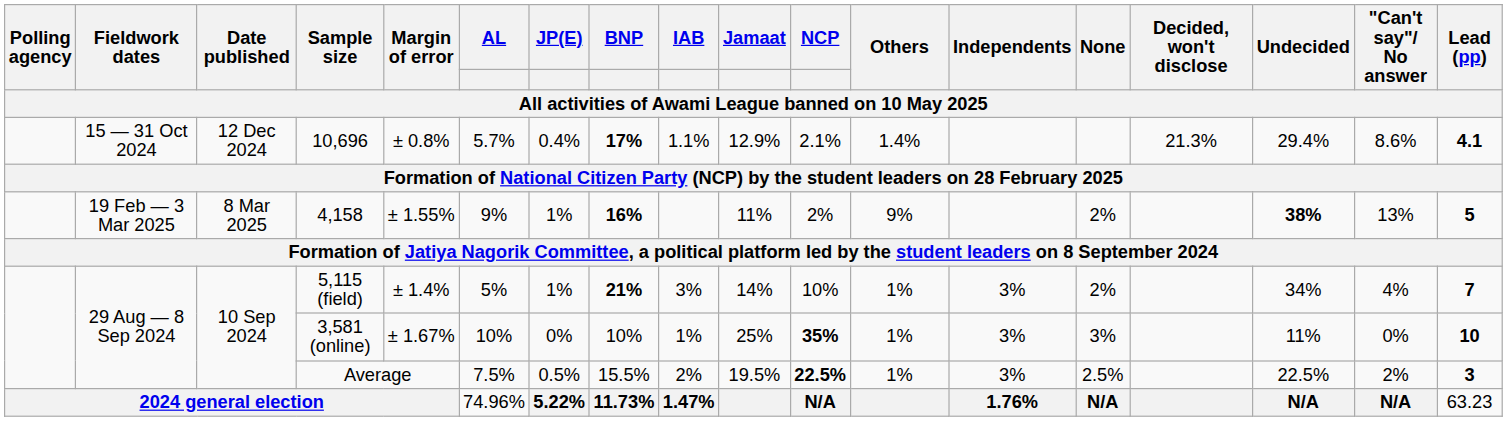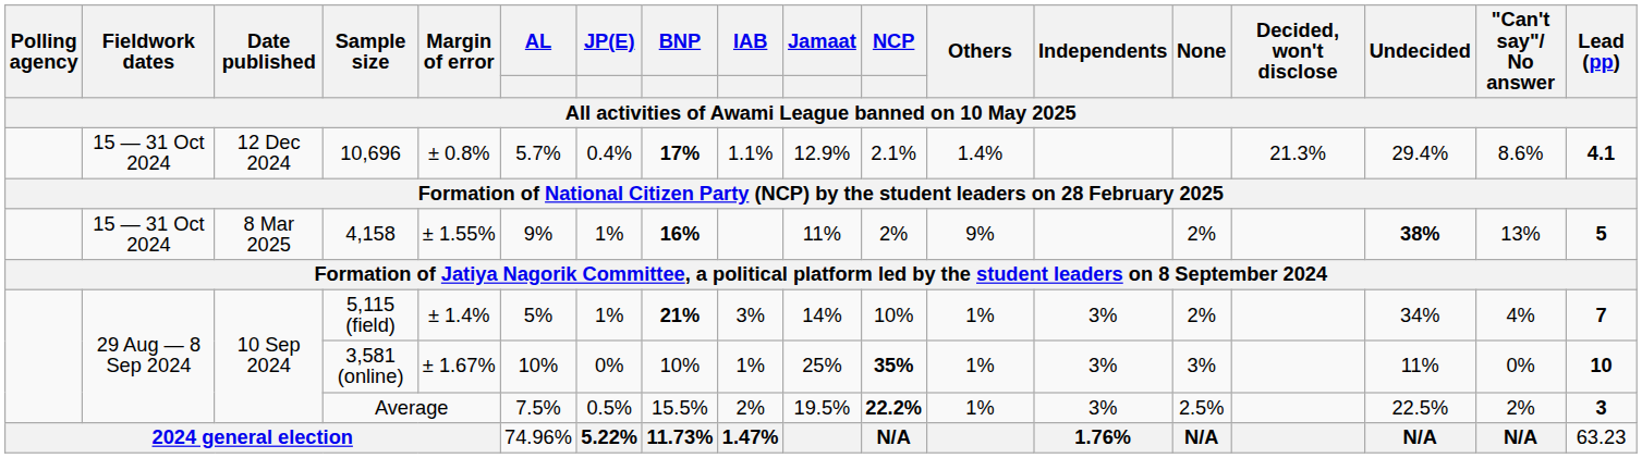 <table class="wikitable mw-datatable" style="text-align:center;font-size:95%;line-height:16px;">
 <tr>
 <th rowspan="2">Polling<br>agency</th>
 <th rowspan="2">Fieldwork<br>dates</th>
 <th rowspan="2">Date<br>published</th>
 <th rowspan="2">Sample<br>size</th>
 <th rowspan="2">Margin<br>of error</th>
 <th><a href='#'>AL</a></th>
 <th><a href='#'>JP(E)</a></th>
 <th><a href='#'>BNP</a></th>
 <th><a href='#'>IAB</a></th>
 <th><a href='#'>Jamaat</a></th>
 <th><a href='#'>NCP</a></th>
 <th rowspan="2" class="unsortable" style="width:75px;">Others</th>
 <th rowspan="2" class="unsortable" style="width:75px;">Independents</th>
 <th rowspan="2" data-sort-type="number">None</th>
 <th rowspan="2">Decided, won't disclose</th>
 <th rowspan="2" data-sort-type="number">Undecided</th>
 <th rowspan="2">"Can't say"/<br>No answer</th>
 <th rowspan="2" data-sort-type="number">Lead (<a href='#'>pp</a>)</th>
 </tr>
 <tr>
 <th data-sort-type="number" style="background:"></th>
 <th data-sort-type="number" style="background:"></th>
 <th data-sort-type="number" style="background:"></th>
 <th data-sort-type+"number" style="background:"></th>
 <th data-sort-type="number" style="background:"></th>
 <th style="background:"></th>
 </tr>
 <tr>
 <th colspan="18">All activities of Awami League banned on 10 May 2025</th>
 </tr>
 <tr>
 <td></td>
 <td>15 — 31 Oct 2024</td>
 <td>12 Dec 2024</td>
 <td>10,696</td>
 <td>± 0.8%</td>
 <td>5.7%</td>
 <td>0.4%</td>
 <td><strong>17%</strong></td>
 <td>1.1%</td>
 <td>12.9%</td>
 <td>2.1%</td>
 <td>1.4%</td>
 <td></td>
 <td></td>
 <td>21.3%</td>
 <td>29.4%</td>
 <td>8.6%</td>
 <td><strong>4.1</strong></td>
 </tr>
 <tr>
 <th colspan="18">Formation of <a href='#'>National Citizen Party</a> (NCP) by the student leaders on 28 February 2025</th>
 </tr>
 <tr>
 <td></td>
-<td>19 Feb — 3 Mar 2025</td>
+<td>15 — 31 Oct 2024</td>
 <td>8 Mar 2025</td>
 <td>4,158</td>
 <td>± 1.55%</td>
 <td>9%</td>
 <td>1%</td>
 <td><strong>16%</strong></td>
 <td></td>
 <td>11%</td>
 <td>2%</td>
 <td>9%</td>
 <td></td>
 <td>2%</td>
 <td></td>
 <td><strong>38%</strong></td>
 <td>13%</td>
 <td><strong>5</strong></td>
 </tr>
 <tr>
 <th colspan="18">Formation of <a href='#'>Jatiya Nagorik Committee</a>, a political platform led by the <a href='#'>student leaders</a> on 8 September 2024</th>
 </tr>
 <tr>
 <td rowspan="3"></td>
 <td rowspan="3">29 Aug — 8 Sep 2024</td>
 <td rowspan="3">10 Sep 2024</td>
 <td>5,115 (field)</td>
 <td>± 1.4%</td>
 <td>5%</td>
 <td>1%</td>
 <td><strong>21%</strong></td>
 <td>3%</td>
 <td>14%</td>
 <td>10%</td>
 <td>1%</td>
 <td>3%</td>
 <td>2%</td>
 <td></td>
 <td>34%</td>
 <td>4%</td>
 <td><strong>7</strong></td>
 </tr>
 <tr>
 <td>3,581 (online)</td>
 <td>± 1.67%</td>
 <td>10%</td>
 <td>0%</td>
 <td>10%</td>
 <td>1%</td>
 <td>25%</td>
 <td><strong>35%</strong></td>
 <td>1%</td>
 <td>3%</td>
 <td>3%</td>
 <td></td>
 <td>11%</td>
 <td>0%</td>
 <td><strong>10</strong></td>
 </tr>
 <tr>
 <td colspan="2">Average</td>
 <td>7.5%</td>
 <td>0.5%</td>
 <td>15.5%</td>
 <td>2%</td>
 <td>19.5%</td>
-<td><strong>22.5%</strong></td>
+<td><strong>22.2%</strong></td>
 <td>1%</td>
 <td>3%</td>
 <td>2.5%</td>
 <td></td>
 <td>22.5%</td>
 <td>2%</td>
 <td><strong>3</strong></td>
 </tr>
 <tr>
 <th colspan="5"><a href='#'>2024 general election</a></th>
 <td>74.96%</td>
 <th>5.22%</th>
 <th>11.73%</th>
 <th>1.47%</th>
 <th><em></em></th>
 <th>N/A</th>
 <th></th>
 <th>1.76%</th>
 <th>N/A</th>
 <th></th>
 <th>N/A</th>
 <th>N/A</th>
 <td>63.23</td>
 </tr>
 </table>
